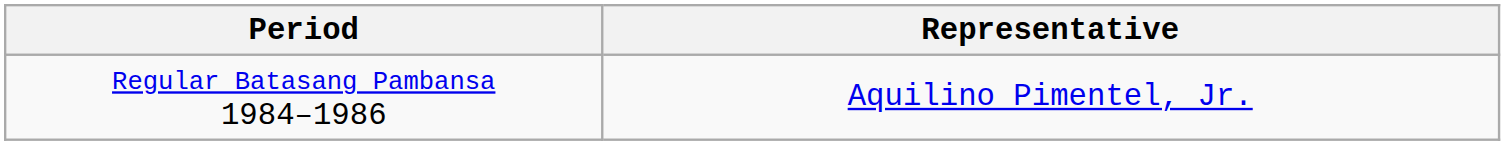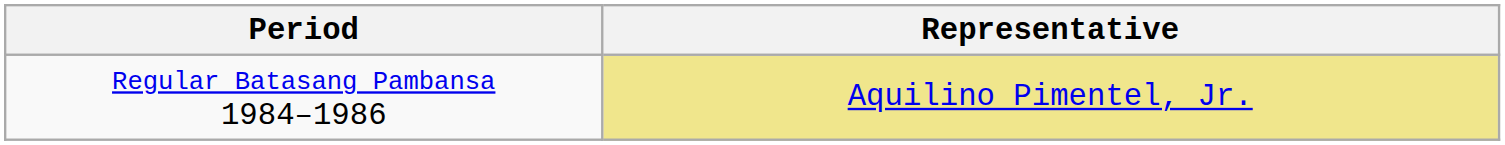 <table class="wikitable" style="text-align:center; width:40%;">
 <tr>
 <th width="40%">Period</th>
 <th>Representative</th>
 </tr>
 <tr>
 <td><small><a href='#'>Regular Batasang Pambansa</a></small><br>1984–1986</td>
-<td><a href='#'>Aquilino Pimentel, Jr.</a></td>
+<td style="background: khaki;"><a href='#'>Aquilino Pimentel, Jr.</a></td>
 </tr>
 </table>
